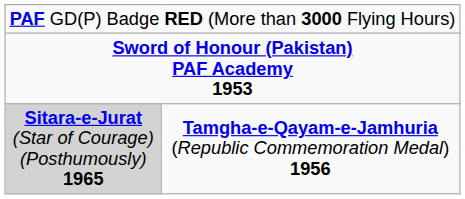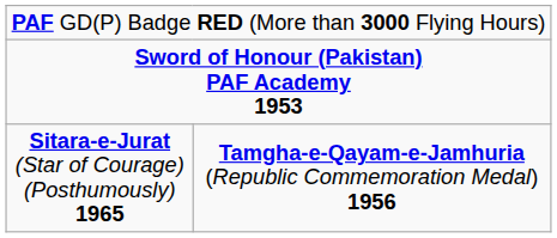 <table class="wikitable" style="margin:1em auto; text-align:center;">
 <tr>
 <td colspan="4"><strong><a href='#'>PAF</a></strong> GD(P) Badge <strong>RED</strong> (More than <strong>3000</strong> Flying Hours)</td>
 </tr>
 <tr>
 <td colspan="4"><strong><a href='#'>Sword of Honour (Pakistan)</a></strong><br><strong><a href='#'>PAF Academy</a></strong><br><strong>1953</strong></td>
 </tr>
 <tr>
-<td style="background: lightgrey;"><strong><a href='#'>Sitara-e-Jurat</a></strong><br><em>(Star of Courage)</em><br><em>(Posthumously)</em><br><strong>1965</strong></td>
+<td><strong><a href='#'>Sitara-e-Jurat</a></strong><br><em>(Star of Courage)</em><br><em>(Posthumously)</em><br><strong>1965</strong></td>
 <td><strong><a href='#'>Tamgha-e-Qayam-e-Jamhuria</a></strong><br>(<em>Republic Commemoration Medal</em>)<br><strong>1956</strong></td>
 </tr>
 </table>
